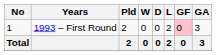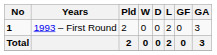 <table class = "wikitable">
 <tr>
 <th>No</th>
 <th>Years</th>
 <th>Pld</th>
 <th>W</th>
 <th>D</th>
 <th>L</th>
 <th>GF</th>
 <th>GA</th>
 </tr>
 <tr>
-<td>1</td>
+<td><strong>1</strong></td>
 <td><a href='#'>1993</a> – First Round</td>
 <td>2</td>
 <td>0</td>
 <td>0</td>
 <td>2</td>
-<td style="background: pink;">0</td>
+<td>0</td>
 <td>3</td>
 </tr>
 <tr>
 <th>Total</th>
 <th></th>
 <th>2</th>
 <th>0</th>
 <th>0</th>
 <th>2</th>
 <th>0</th>
 <th>3</th>
 </tr>
 <tr>
 </tr>
 </table>
